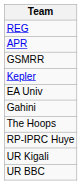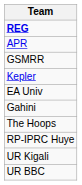 <table class="wikitable">
 <tr>
 <th>Team</th>
 </tr>
 <tr>
-<td><a href='#'>REG</a></td>
+<td><strong><a href='#'>REG</a></strong></td>
 </tr>
 <tr>
 <td><a href='#'>APR</a></td>
 </tr>
 <tr>
 <td>GSMRR</td>
 </tr>
 <tr>
 <td><a href='#'>Kepler</a></td>
 </tr>
 <tr>
 <td>EA Univ</td>
 </tr>
 <tr>
 <td>Gahini</td>
 </tr>
 <tr>
 <td>The Hoops</td>
 </tr>
 <tr>
 <td>RP-IPRC Huye</td>
 </tr>
 <tr>
 <td>UR Kigali</td>
 </tr>
 <tr>
 <td>UR BBC</td>
 </tr>
 </table>
